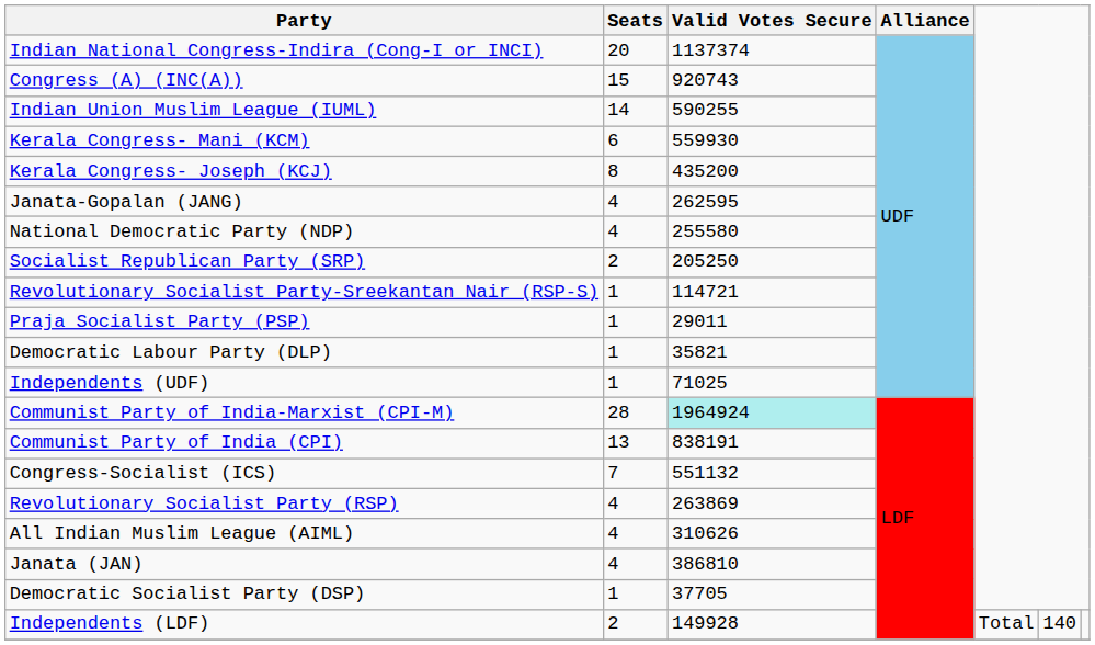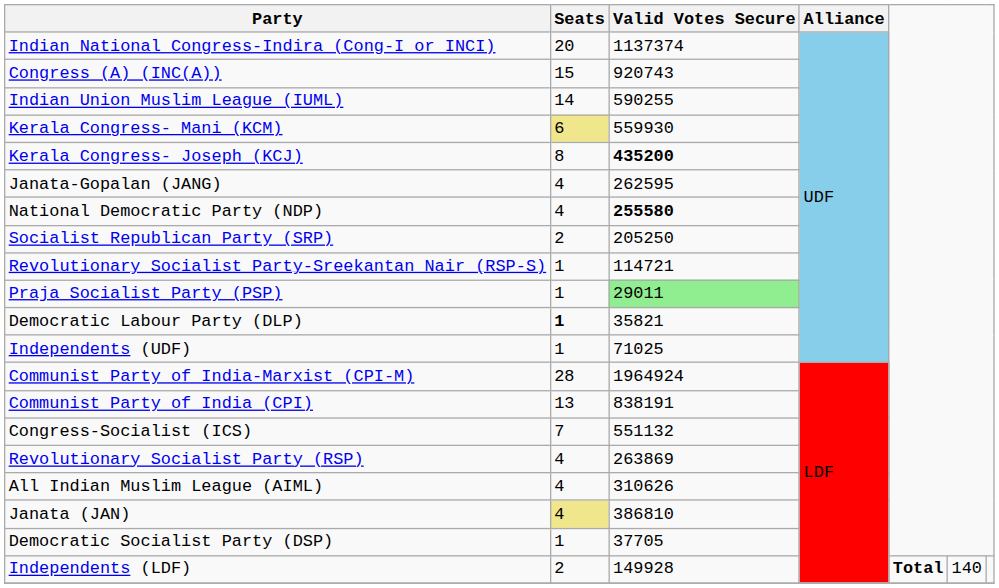 <table class="wikitable sortable">
 <tr>
 <th>Party</th>
 <th>Seats</th>
 <th><strong> Valid Votes Secure</strong></th>
 <th>Alliance</th>
 </tr>
 <tr ->
 <td><a href='#'>Indian National Congress-Indira (Cong-I or INCI)</a></td>
 <td>20</td>
 <td>1137374</td>
 <td rowspan="12" style="background:skyblue; color:black;">UDF</td>
 </tr>
 <tr -->
 <td><a href='#'>Congress (A) (INC(A))</a></td>
 <td>15</td>
 <td>920743</td>
 </tr>
 <tr -->
 <td><a href='#'>Indian Union Muslim League (IUML)</a></td>
 <td>14</td>
 <td>590255</td>
 </tr>
 <tr -->
 <td><a href='#'>Kerala Congress- Mani (KCM)</a></td>
-<td>6</td>
+<td style="background: khaki;">6</td>
 <td>559930</td>
 </tr>
 <tr -->
 <td><a href='#'>Kerala Congress- Joseph (KCJ)</a></td>
 <td>8</td>
-<td>435200</td>
+<td><strong>435200</strong></td>
 </tr>
 <tr -->
 <td>Janata-Gopalan (JANG)</td>
 <td>4</td>
 <td>262595</td>
 </tr>
 <tr -->
 <td>National Democratic Party (NDP)</td>
 <td>4</td>
-<td>255580</td>
+<td><strong>255580</strong></td>
 </tr>
 <tr -->
 <td><a href='#'>Socialist Republican Party (SRP)</a></td>
 <td>2</td>
 <td>205250</td>
 </tr>
 <tr -->
 <td><a href='#'>Revolutionary Socialist Party-Sreekantan Nair (RSP-S)</a></td>
 <td>1</td>
 <td>114721</td>
 </tr>
 <tr -->
 <td><a href='#'>Praja Socialist Party (PSP)</a></td>
 <td>1</td>
-<td>29011</td>
+<td style="background: lightgreen;">29011</td>
 </tr>
 <tr -->
 <td>Democratic Labour Party (DLP)</td>
-<td>1</td>
+<td><strong>1</strong></td>
 <td>35821</td>
 </tr>
 <tr -->
 <td><a href='#'>Independents</a> (UDF)</td>
 <td>1</td>
 <td>71025</td>
 </tr>
 <tr -->
 <td><a href='#'>Communist Party of India-Marxist (CPI-M)</a></td>
 <td>28</td>
-<td style="background: paleturquoise;">1964924</td>
+<td>1964924</td>
 <td rowspan="8" style="background:#f00; color:black;">LDF</td>
 </tr>
 <tr -->
 <td><a href='#'>Communist Party of India (CPI)</a></td>
 <td>13</td>
 <td>838191</td>
 </tr>
 <tr -->
 <td>Congress-Socialist (ICS)</td>
 <td>7</td>
 <td>551132</td>
 </tr>
 <tr -->
 <td><a href='#'>Revolutionary Socialist Party (RSP)</a></td>
 <td>4</td>
 <td>263869</td>
 </tr>
 <tr -->
 <td>All Indian Muslim League (AIML)</td>
 <td>4</td>
 <td>310626</td>
 </tr>
 <tr -->
 <td>Janata (JAN)</td>
-<td>4</td>
+<td style="background: khaki;">4</td>
 <td>386810</td>
 </tr>
 <tr -->
 <td>Democratic Socialist Party (DSP)</td>
 <td>1</td>
 <td>37705</td>
 </tr>
 <tr -->
 <td><a href='#'>Independents</a> (LDF)</td>
 <td>2</td>
 <td>149928</td>
-<td>Total</td>
+<td><strong>Total</strong></td>
 <td>140</td>
 <td colspan="2"></td>
 </tr>
 <tr --->
 </tr>
 </table>
